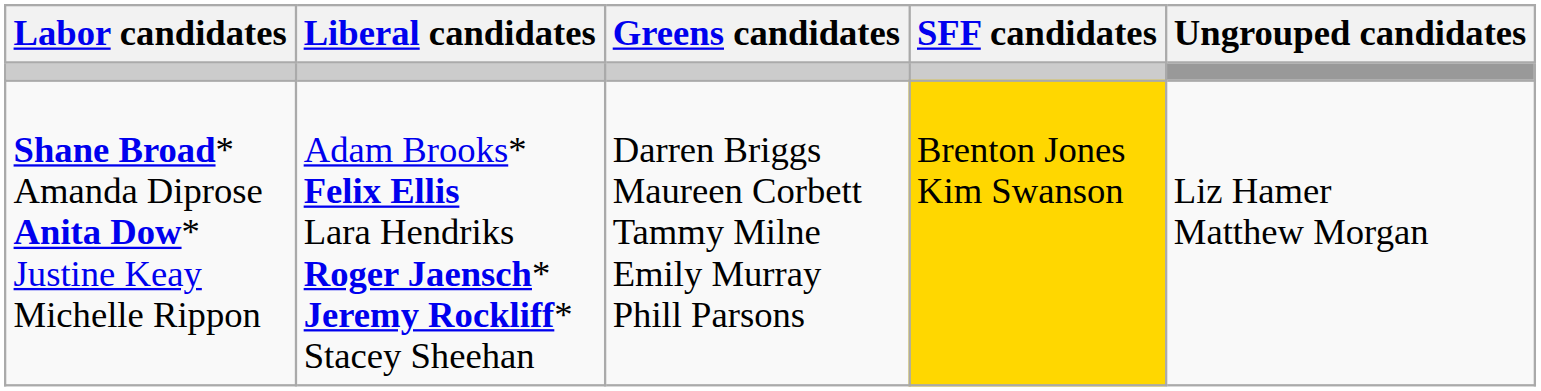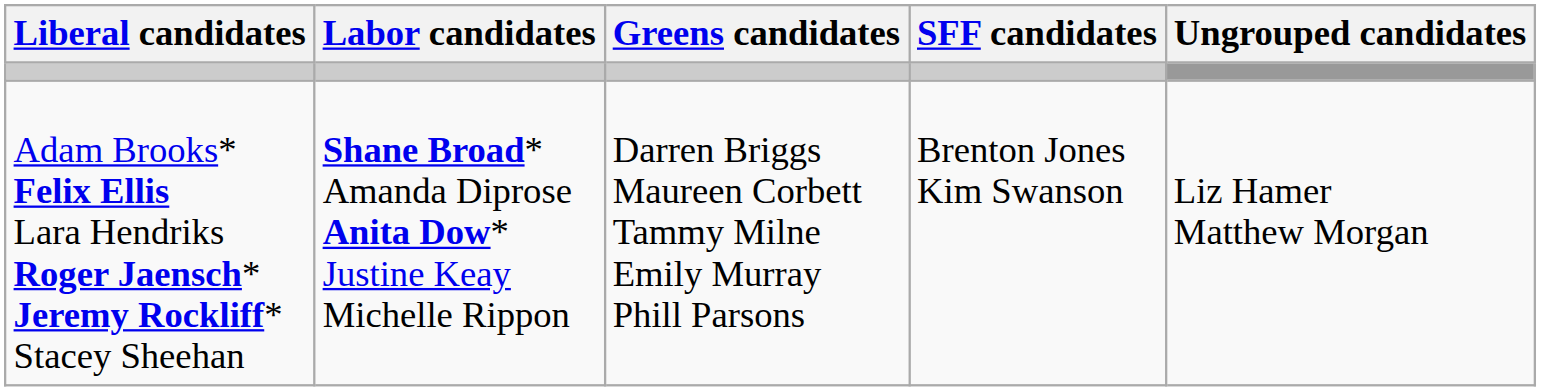 <table class="wikitable">
 <tr>
+<th><a href='#'>Liberal</a> candidates</th>
 <th><a href='#'>Labor</a> candidates</th>
-<th><a href='#'>Liberal</a> candidates</th>
 <th><a href='#'>Greens</a> candidates</th>
 <th><a href='#'>SFF</a> candidates</th>
 <th>Ungrouped candidates</th>
 </tr>
 <tr bgcolor="#cccccc">
 <td></td>
 <td></td>
 <td></td>
 <td></td>
 <td bgcolor="#999999"></td>
 </tr>
 <tr>
+<td valign=top ><br><a href='#'>Adam Brooks</a>*<br> <strong><a href='#'>Felix Ellis</a></strong><br> Lara Hendriks<br> <strong><a href='#'>Roger Jaensch</a></strong>*<br> <strong><a href='#'>Jeremy Rockliff</a></strong>*<br> Stacey Sheehan</td>
 <td valign=top ><br><strong><a href='#'>Shane Broad</a></strong>*<br> Amanda Diprose<br> <strong><a href='#'>Anita Dow</a></strong>*<br> <a href='#'>Justine Keay</a><br> Michelle Rippon</td>
-<td valign=top ><br><a href='#'>Adam Brooks</a>*<br> <strong><a href='#'>Felix Ellis</a></strong><br> Lara Hendriks<br> <strong><a href='#'>Roger Jaensch</a></strong>*<br> <strong><a href='#'>Jeremy Rockliff</a></strong>*<br> Stacey Sheehan</td>
 <td valign=top><br>Darren Briggs<br> Maureen Corbett<br> Tammy Milne<br> Emily Murray<br> Phill Parsons<br></td>
-<td valign=top style="background: gold;"><br>Brenton Jones<br> Kim Swanson</td>
+<td valign=top><br>Brenton Jones<br> Kim Swanson</td>
 <td valign=top><br><br> Liz Hamer<br> Matthew Morgan  </td>
 </tr>
 </table>
